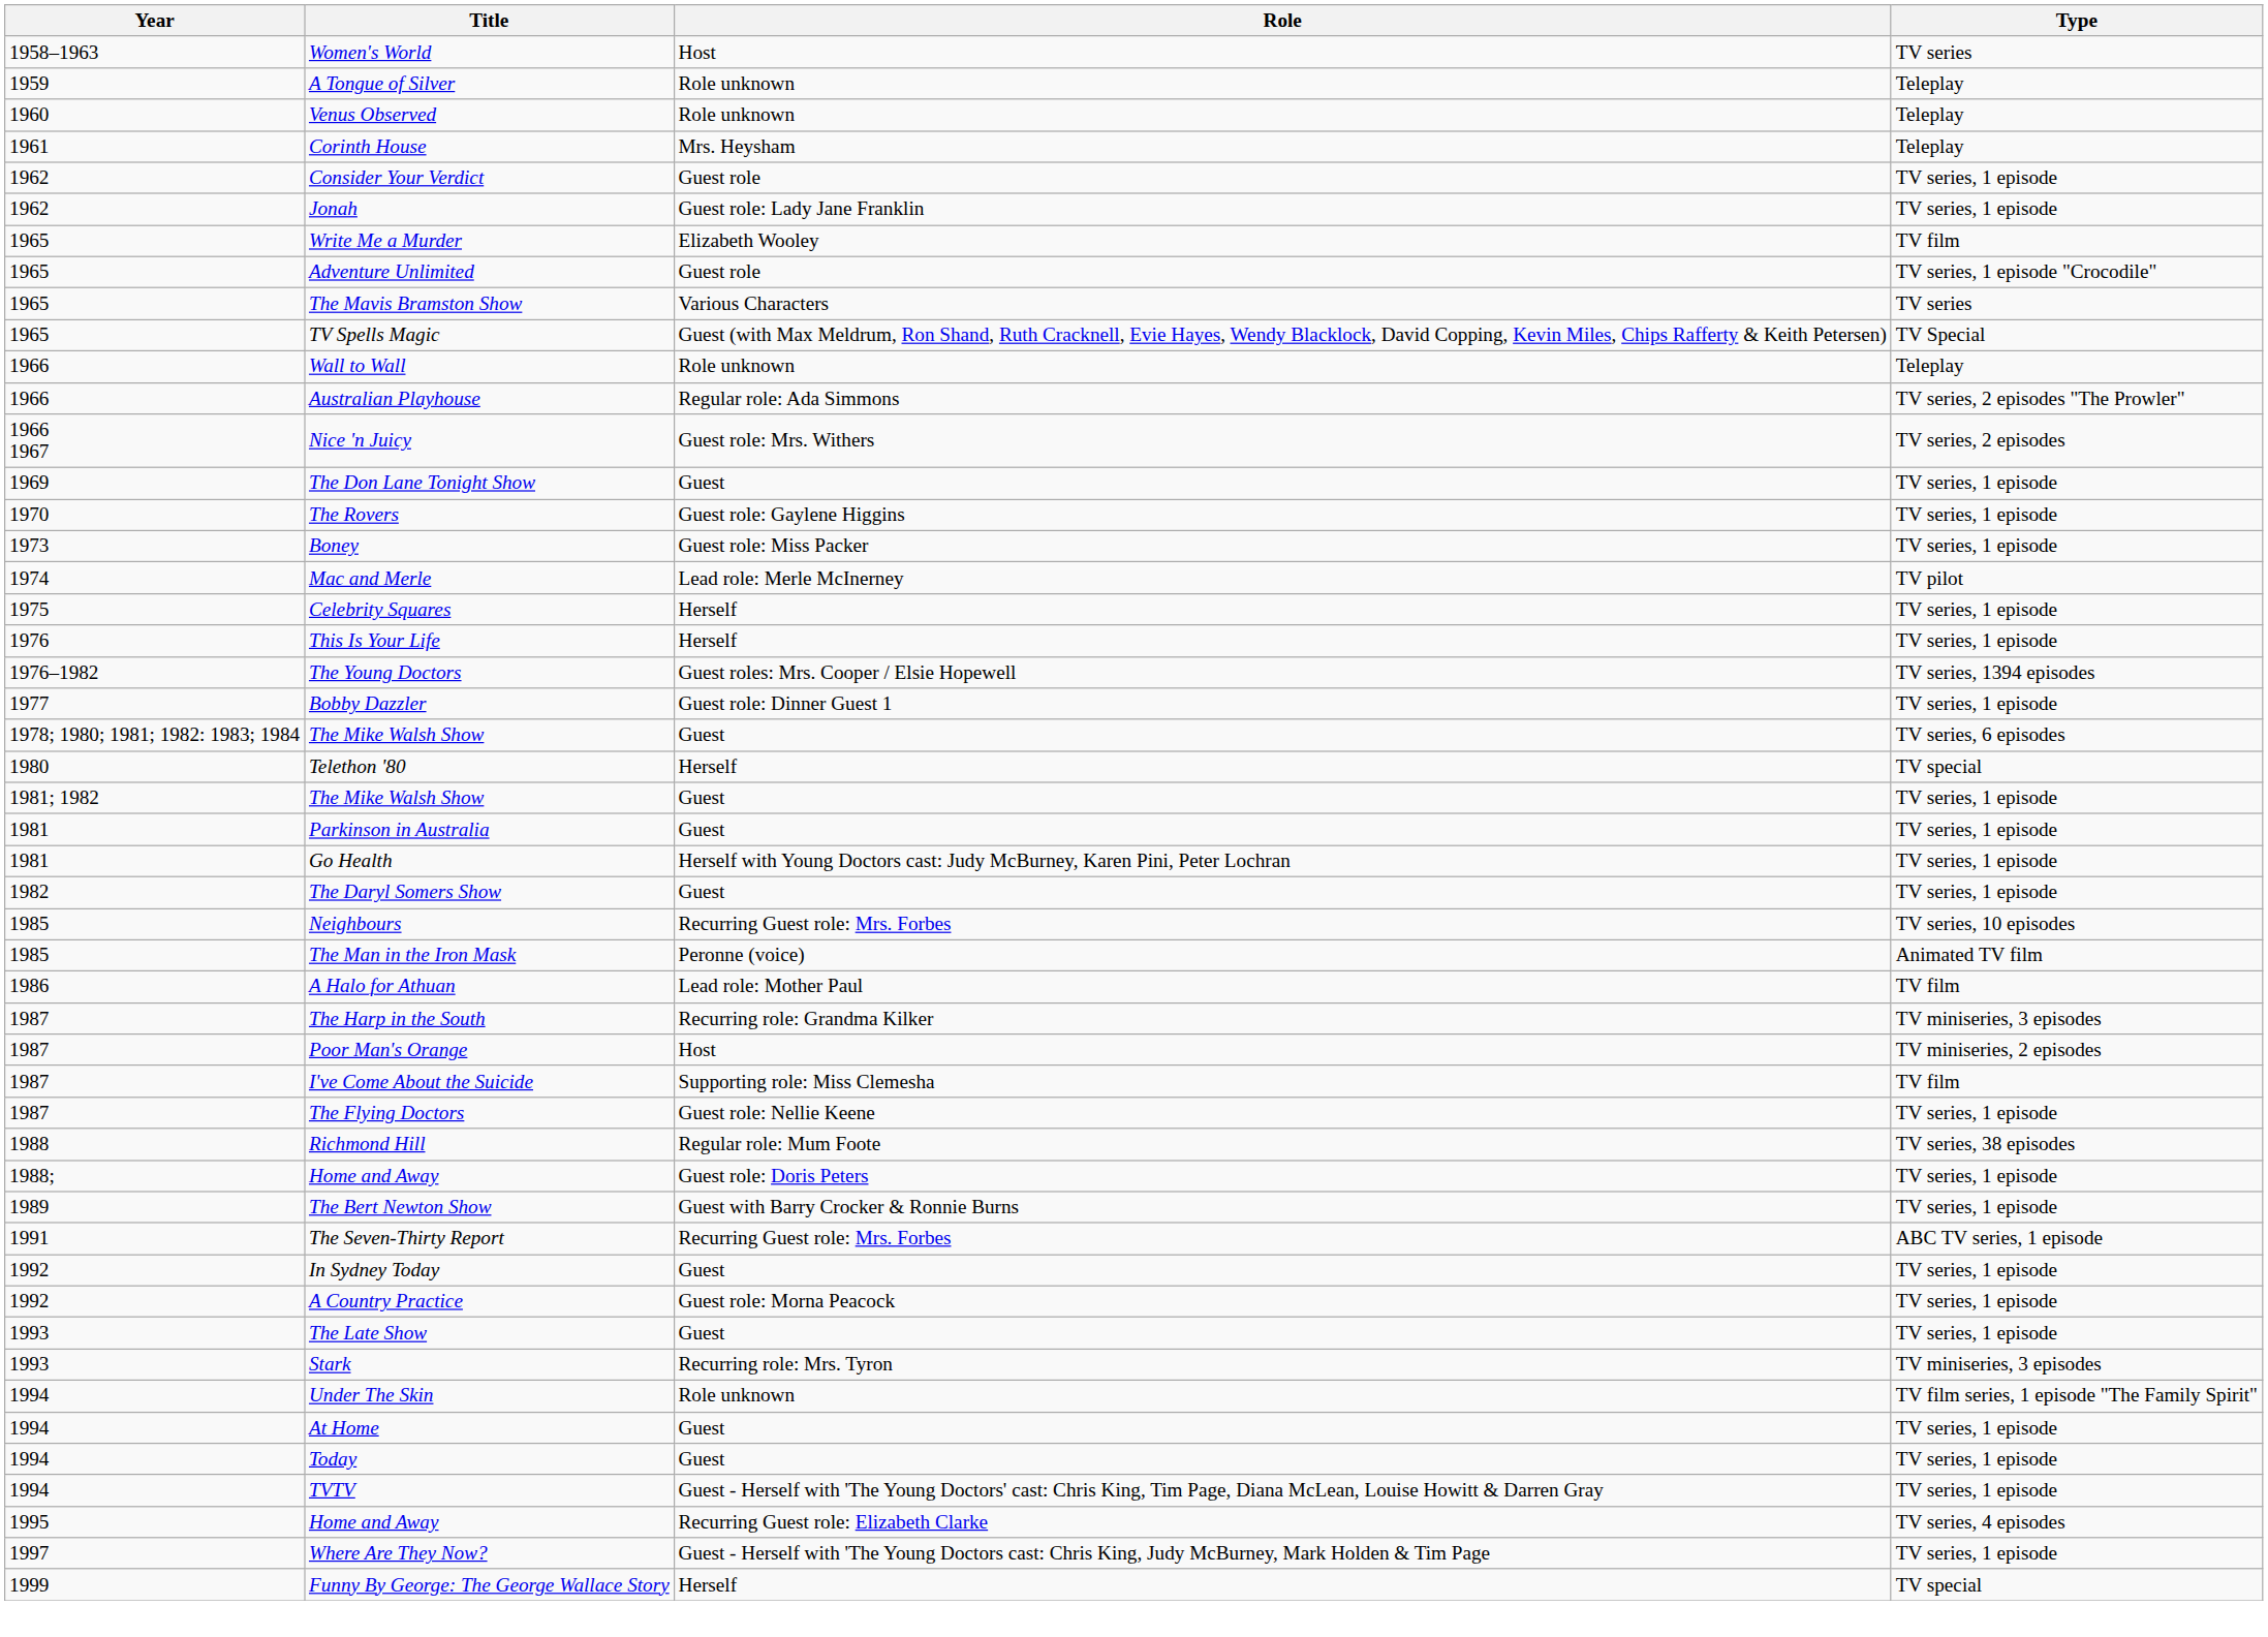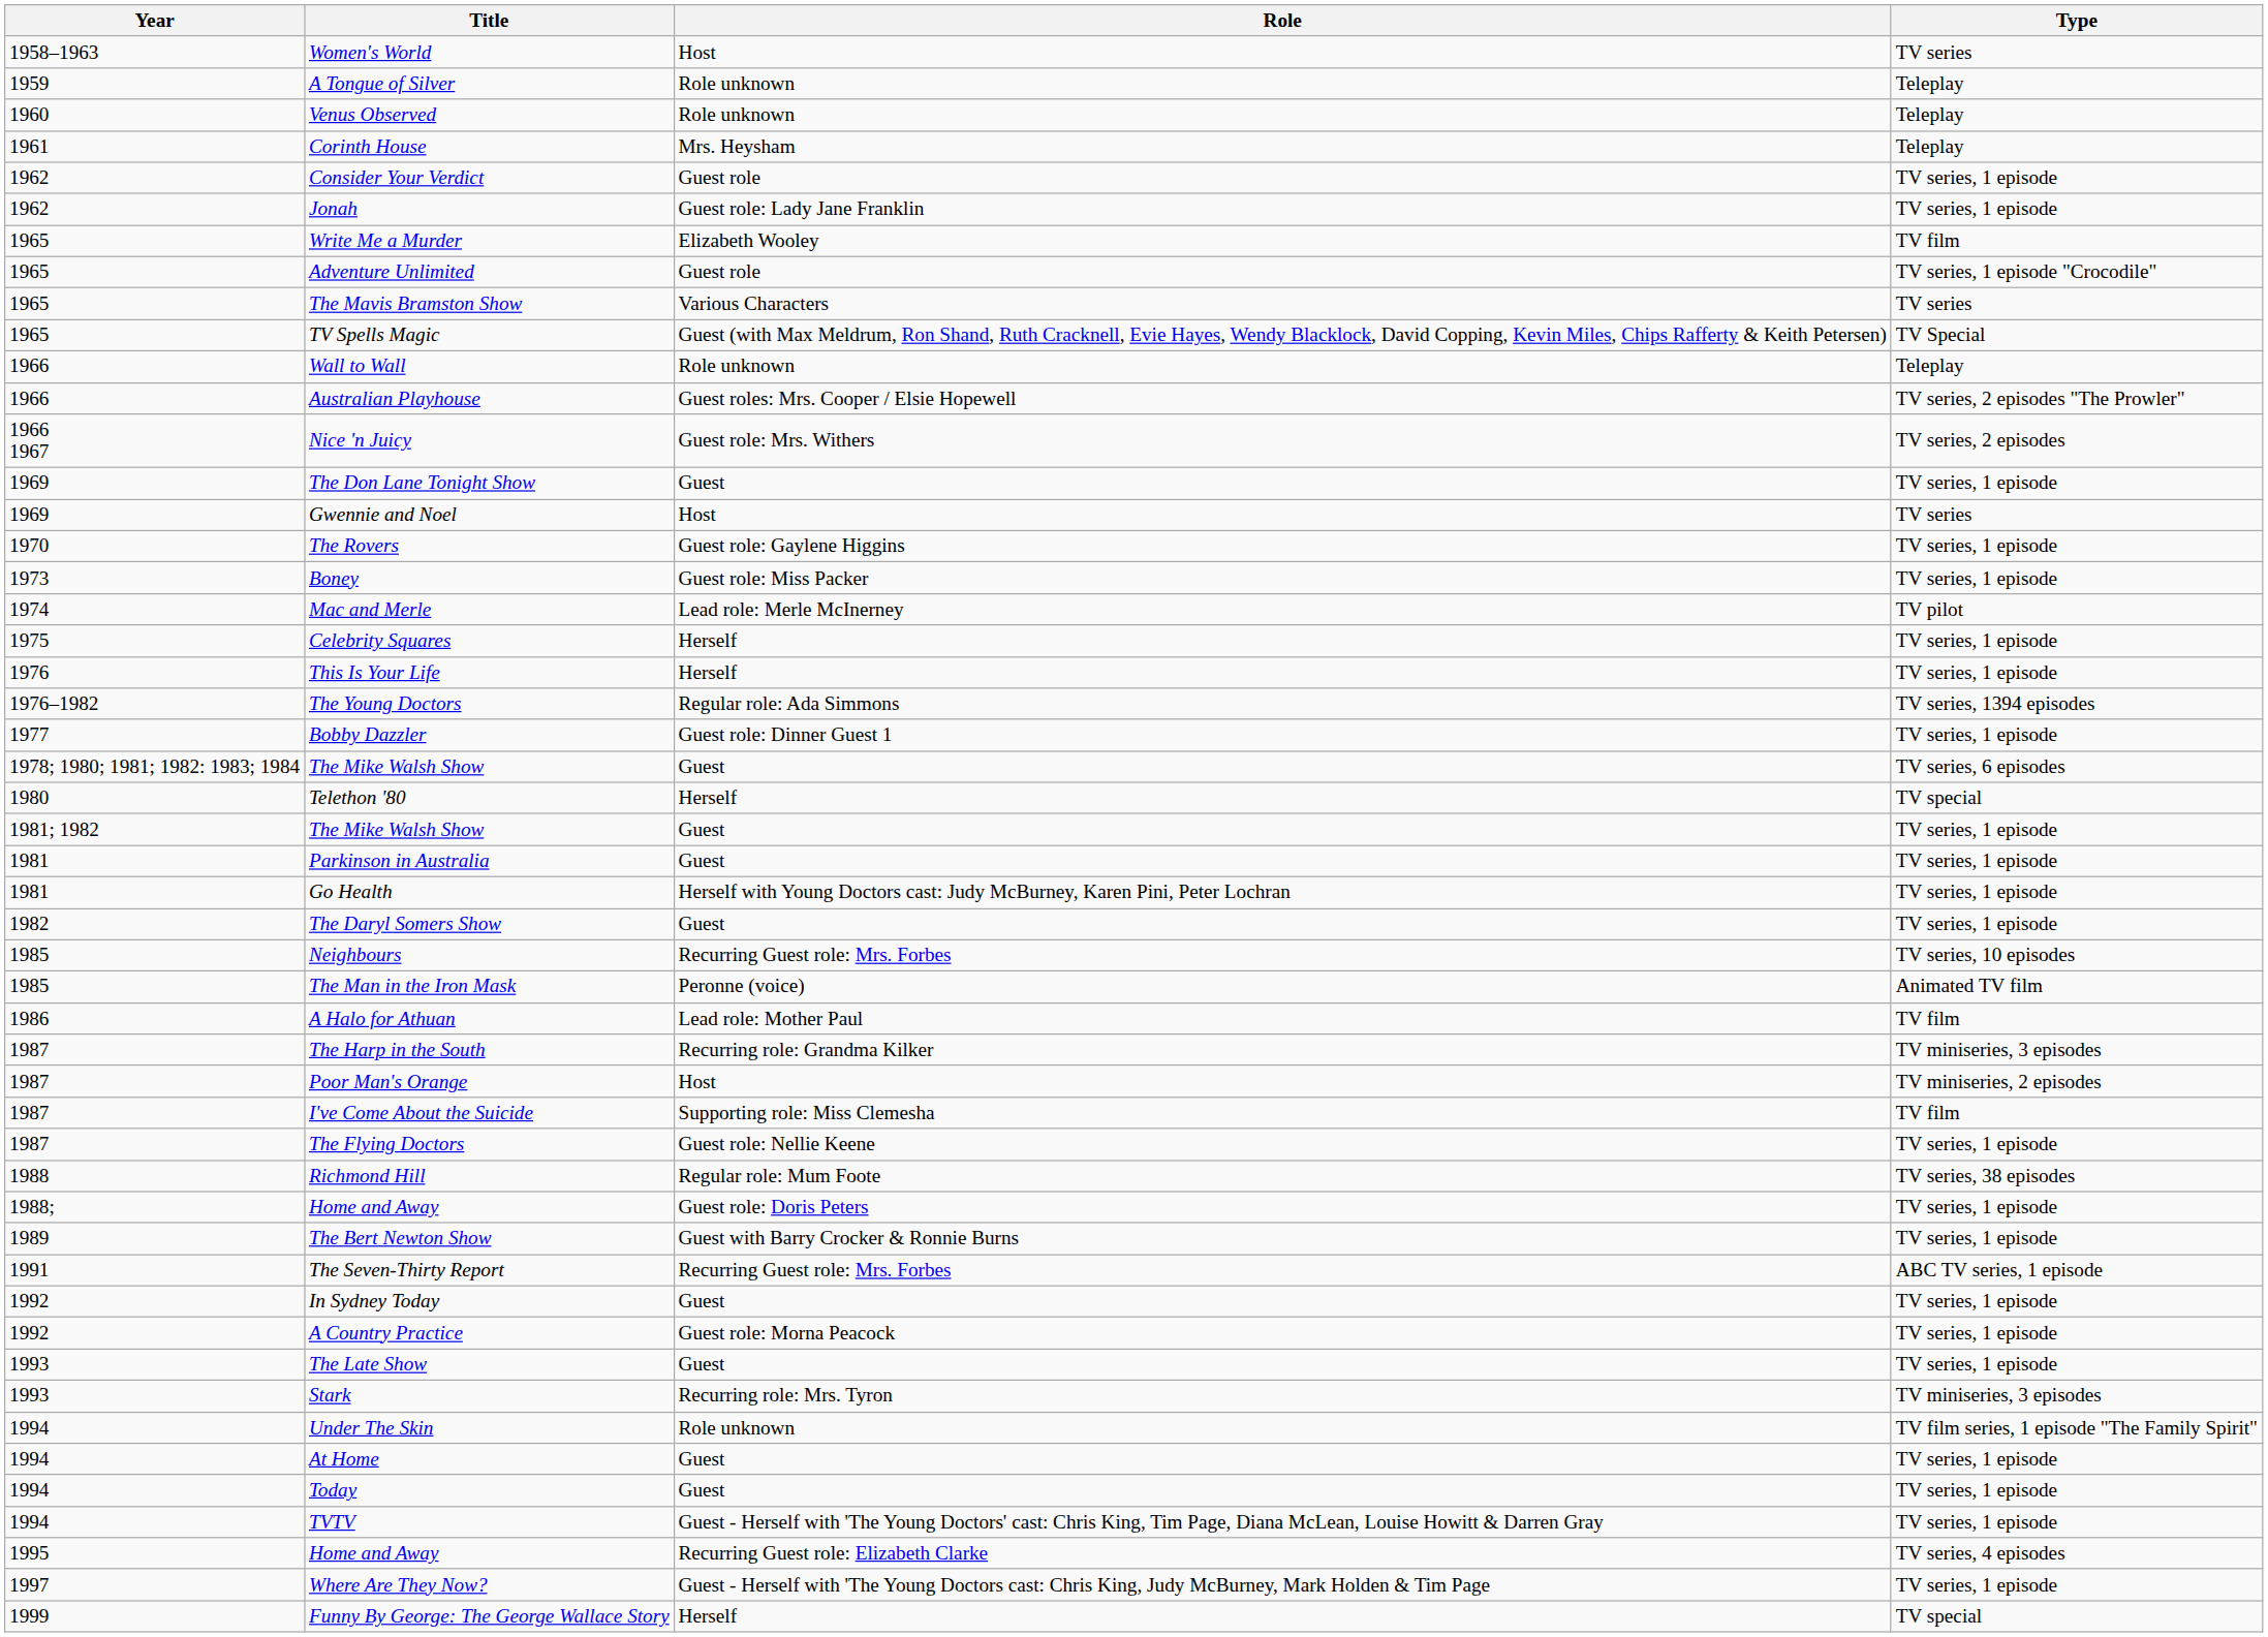 <table class="wikitable">
 <tr>
 <th>Year</th>
 <th>Title</th>
 <th>Role</th>
 <th>Type</th>
 </tr>
 <tr>
 <td>1958–1963</td>
 <td><em><a href='#'>Women's World</a></em></td>
 <td>Host</td>
 <td>TV series</td>
 </tr>
 <tr>
 <td>1959</td>
 <td><em><a href='#'>A Tongue of Silver</a></em></td>
 <td>Role unknown</td>
 <td>Teleplay</td>
 </tr>
 <tr>
 <td>1960</td>
 <td><em><a href='#'>Venus Observed</a></em></td>
 <td>Role unknown</td>
 <td>Teleplay</td>
 </tr>
 <tr>
 <td>1961</td>
 <td><em><a href='#'>Corinth House</a></em></td>
 <td>Mrs. Heysham</td>
 <td>Teleplay</td>
 </tr>
 <tr>
 <td>1962</td>
 <td><em><a href='#'>Consider Your Verdict</a></em></td>
 <td>Guest role</td>
 <td>TV series, 1 episode</td>
 </tr>
 <tr>
 <td>1962</td>
 <td><em><a href='#'>Jonah</a></em></td>
 <td>Guest role: Lady Jane Franklin</td>
 <td>TV series, 1 episode</td>
 </tr>
 <tr>
 <td>1965</td>
 <td><em><a href='#'>Write Me a Murder</a></em></td>
 <td>Elizabeth Wooley</td>
 <td>TV film</td>
 </tr>
 <tr>
 <td>1965</td>
 <td><em><a href='#'>Adventure Unlimited</a></em></td>
 <td>Guest role</td>
 <td>TV series, 1 episode "Crocodile"</td>
 </tr>
 <tr>
 <td>1965</td>
 <td><em><a href='#'>The Mavis Bramston Show</a></em></td>
 <td>Various Characters</td>
 <td>TV series</td>
 </tr>
 <tr>
 <td>1965</td>
 <td><em>TV Spells Magic</em></td>
 <td>Guest (with Max Meldrum, <a href='#'>Ron Shand</a>, <a href='#'>Ruth Cracknell</a>, <a href='#'>Evie Hayes</a>, <a href='#'>Wendy Blacklock</a>, David Copping, <a href='#'>Kevin Miles</a>, <a href='#'>Chips Rafferty</a> & Keith Petersen)</td>
 <td>TV Special</td>
 </tr>
 <tr>
 <td>1966</td>
 <td><em><a href='#'>Wall to Wall</a></em></td>
 <td>Role unknown</td>
 <td>Teleplay</td>
 </tr>
 <tr>
 <td>1966</td>
 <td><em><a href='#'>Australian Playhouse</a></em></td>
-<td>Regular role: Ada Simmons</td>
+<td>Guest roles: Mrs. Cooper / Elsie Hopewell</td>
 <td>TV series, 2 episodes "The Prowler"</td>
 </tr>
 <tr>
 <td>1966<br>1967</td>
 <td><em><a href='#'>Nice 'n Juicy</a></em></td>
 <td>Guest role: Mrs. Withers</td>
 <td>TV series, 2 episodes</td>
 </tr>
 <tr>
 <td>1969</td>
 <td><em><a href='#'>The Don Lane Tonight Show</a></em></td>
 <td>Guest</td>
 <td>TV series, 1 episode</td>
+</tr>
+<tr>
+<td>1969</td>
+<td><em>Gwennie and Noel</em></td>
+<td>Host</td>
+<td>TV series</td>
 </tr>
 <tr>
 <td>1970</td>
 <td><em><a href='#'>The Rovers</a></em></td>
 <td>Guest role: Gaylene Higgins</td>
 <td>TV series, 1 episode</td>
 </tr>
 <tr>
 <td>1973</td>
 <td><em><a href='#'>Boney</a></em></td>
 <td>Guest role: Miss Packer</td>
 <td>TV series, 1 episode</td>
 </tr>
 <tr>
 <td>1974</td>
 <td><em><a href='#'>Mac and Merle</a></em></td>
 <td>Lead role: Merle McInerney</td>
 <td>TV pilot</td>
 </tr>
 <tr>
 <td>1975</td>
 <td><em><a href='#'>Celebrity Squares</a></em></td>
 <td>Herself</td>
 <td>TV series, 1 episode</td>
 </tr>
 <tr>
 <td>1976</td>
 <td><em><a href='#'>This Is Your Life</a></em></td>
 <td>Herself</td>
 <td>TV series, 1 episode</td>
 </tr>
 <tr>
 <td>1976–1982</td>
 <td><em><a href='#'>The Young Doctors</a></em></td>
-<td>Guest roles: Mrs. Cooper / Elsie Hopewell</td>
+<td>Regular role: Ada Simmons</td>
 <td>TV series, 1394 episodes</td>
 </tr>
 <tr>
 <td>1977</td>
 <td><em><a href='#'>Bobby Dazzler</a></em></td>
 <td>Guest role: Dinner Guest 1</td>
 <td>TV series, 1 episode</td>
 </tr>
 <tr>
 <td>1978; 1980; 1981; 1982: 1983; 1984</td>
 <td><em><a href='#'>The Mike Walsh Show</a></em></td>
 <td>Guest</td>
 <td>TV series, 6 episodes</td>
 </tr>
 <tr>
 <td>1980</td>
 <td><em>Telethon '80</em></td>
 <td>Herself</td>
 <td>TV special</td>
 </tr>
 <tr>
 <td>1981; 1982</td>
 <td><em><a href='#'>The Mike Walsh Show</a></em></td>
 <td>Guest</td>
 <td>TV series, 1 episode</td>
 </tr>
 <tr>
 <td>1981</td>
 <td><em><a href='#'>Parkinson in Australia</a></em></td>
 <td>Guest</td>
 <td>TV series, 1 episode</td>
 </tr>
 <tr>
 <td>1981</td>
 <td><em>Go Health</em></td>
 <td>Herself with Young Doctors cast: Judy McBurney, Karen Pini, Peter Lochran</td>
 <td>TV series, 1 episode</td>
 </tr>
 <tr>
 <td>1982</td>
 <td><em><a href='#'>The Daryl Somers Show</a></em></td>
 <td>Guest</td>
 <td>TV series, 1 episode</td>
 </tr>
 <tr>
 <td>1985</td>
 <td><em><a href='#'>Neighbours</a></em></td>
 <td>Recurring Guest role: <a href='#'>Mrs. Forbes</a></td>
 <td>TV series, 10 episodes</td>
 </tr>
 <tr>
 <td>1985</td>
 <td><em><a href='#'>The Man in the Iron Mask</a></em></td>
 <td>Peronne (voice)</td>
 <td>Animated TV film</td>
 </tr>
 <tr>
 <td>1986</td>
 <td><em><a href='#'>A Halo for Athuan</a></em></td>
 <td>Lead role: Mother Paul</td>
 <td>TV film</td>
 </tr>
 <tr>
 <td>1987</td>
 <td><em><a href='#'>The Harp in the South</a></em></td>
 <td>Recurring role: Grandma Kilker</td>
 <td>TV miniseries, 3 episodes</td>
 </tr>
 <tr>
 <td>1987</td>
 <td><em><a href='#'>Poor Man's Orange</a></em></td>
 <td>Host</td>
 <td>TV miniseries, 2 episodes</td>
 </tr>
 <tr>
 <td>1987</td>
 <td><em><a href='#'>I've Come About the Suicide</a></em></td>
 <td>Supporting role: Miss Clemesha</td>
 <td>TV film</td>
 </tr>
 <tr>
 <td>1987</td>
 <td><em><a href='#'>The Flying Doctors</a></em></td>
 <td>Guest role: Nellie Keene</td>
 <td>TV series, 1 episode</td>
 </tr>
 <tr>
 <td>1988</td>
 <td><em><a href='#'>Richmond Hill</a></em></td>
 <td>Regular role: Mum Foote</td>
 <td>TV series, 38 episodes</td>
 </tr>
 <tr>
 <td>1988;</td>
 <td><em><a href='#'>Home and Away</a></em></td>
 <td>Guest role: <a href='#'>Doris Peters</a></td>
 <td>TV series, 1 episode</td>
 </tr>
 <tr>
 <td>1989</td>
 <td><em><a href='#'>The Bert Newton Show</a></em></td>
 <td>Guest with Barry Crocker & Ronnie Burns</td>
 <td>TV series, 1 episode</td>
 </tr>
 <tr>
 <td>1991</td>
 <td><em>The Seven-Thirty Report</em></td>
 <td>Recurring Guest role: <a href='#'>Mrs. Forbes</a></td>
 <td>ABC TV series, 1 episode</td>
 </tr>
 <tr>
 <td>1992</td>
 <td><em>In Sydney Today</em></td>
 <td>Guest</td>
 <td>TV series, 1 episode</td>
 </tr>
 <tr>
 <td>1992</td>
 <td><em><a href='#'>A Country Practice</a></em></td>
 <td>Guest role: Morna Peacock</td>
 <td>TV series, 1 episode</td>
 </tr>
 <tr>
 <td>1993</td>
 <td><em><a href='#'>The Late Show</a></em></td>
 <td>Guest</td>
 <td>TV series, 1 episode</td>
 </tr>
 <tr>
 <td>1993</td>
 <td><em><a href='#'>Stark</a></em></td>
 <td>Recurring role: Mrs. Tyron</td>
 <td>TV miniseries, 3 episodes</td>
 </tr>
 <tr>
 <td>1994</td>
 <td><em><a href='#'>Under The Skin</a></em></td>
 <td>Role unknown</td>
 <td>TV film series, 1 episode "The Family Spirit"</td>
 </tr>
 <tr>
 <td>1994</td>
 <td><em><a href='#'>At Home</a></em></td>
 <td>Guest</td>
 <td>TV series, 1 episode</td>
 </tr>
 <tr>
 <td>1994</td>
 <td><em><a href='#'>Today</a></em></td>
 <td>Guest</td>
 <td>TV series, 1 episode</td>
 </tr>
 <tr>
 <td>1994</td>
 <td><em><a href='#'>TVTV</a></em></td>
 <td>Guest - Herself with 'The Young Doctors' cast: Chris King, Tim Page, Diana McLean, Louise Howitt & Darren Gray</td>
 <td>TV series, 1 episode</td>
 </tr>
 <tr>
 <td>1995</td>
 <td><em><a href='#'>Home and Away</a></em></td>
 <td>Recurring Guest role: <a href='#'>Elizabeth Clarke</a></td>
 <td>TV series, 4 episodes</td>
 </tr>
 <tr>
 <td>1997</td>
 <td><em><a href='#'>Where Are They Now?</a></em></td>
 <td>Guest - Herself with 'The Young Doctors cast: Chris King, Judy McBurney, Mark Holden & Tim Page</td>
 <td>TV series, 1 episode</td>
 </tr>
 <tr>
 <td>1999</td>
 <td><em><a href='#'>Funny By George: The George Wallace Story</a></em></td>
 <td>Herself</td>
 <td>TV special</td>
 </tr>
 </table>
